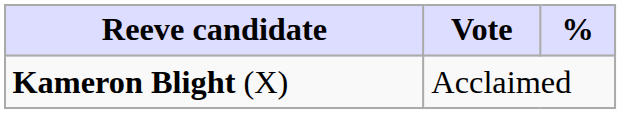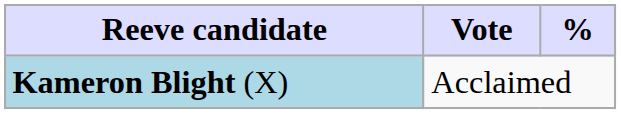 <table class="wikitable">
 <tr>
 <th style="background:#ddf;" width="200px">Reeve candidate</th>
 <th style="background:#ddf;" width="50px">Vote</th>
 <th style="background:#ddf;" width="30px">%</th>
 </tr>
 <tr>
-<td><strong>Kameron Blight</strong> (X)</td>
+<td style="background: lightblue;"><strong>Kameron Blight</strong> (X)</td>
 <td colspan="2">Acclaimed</td>
 </tr>
 </table>
